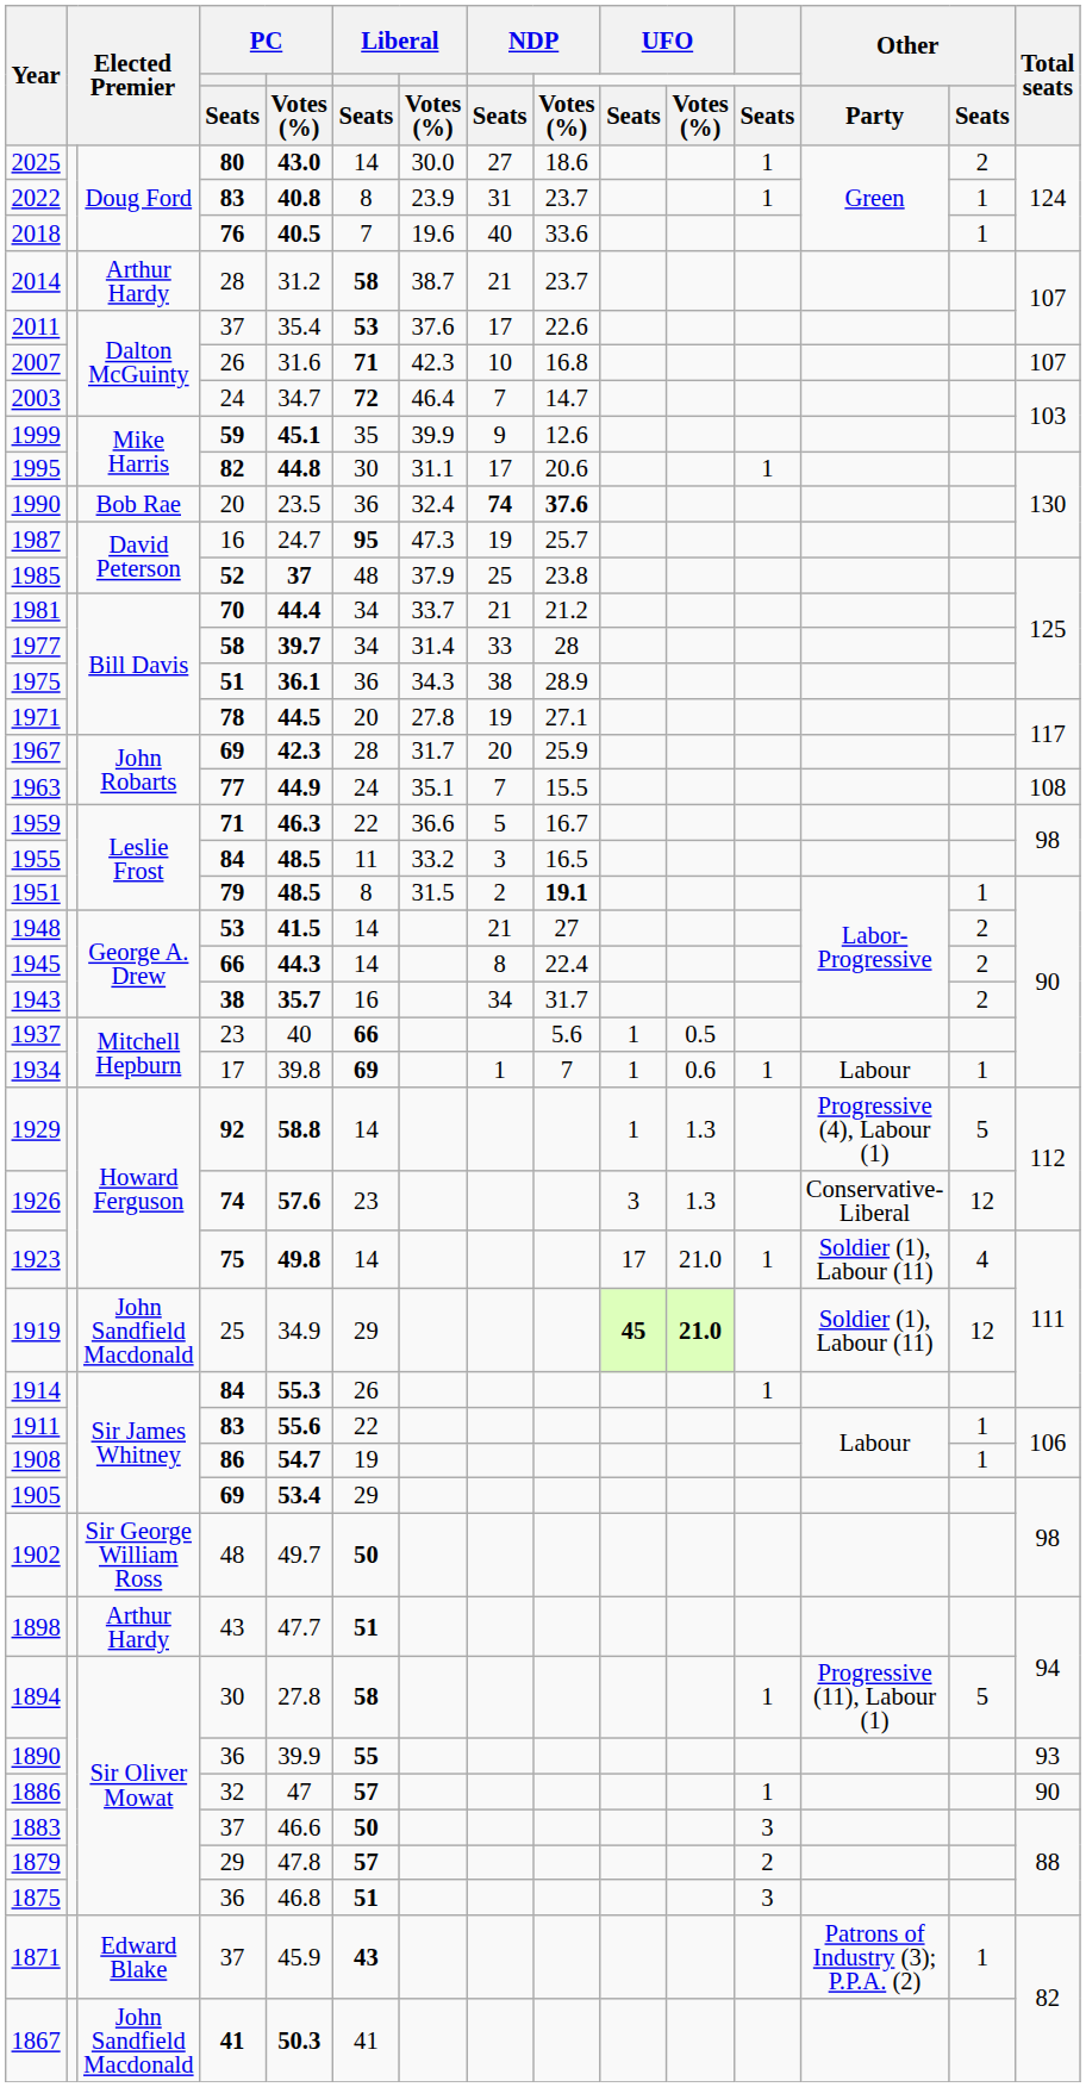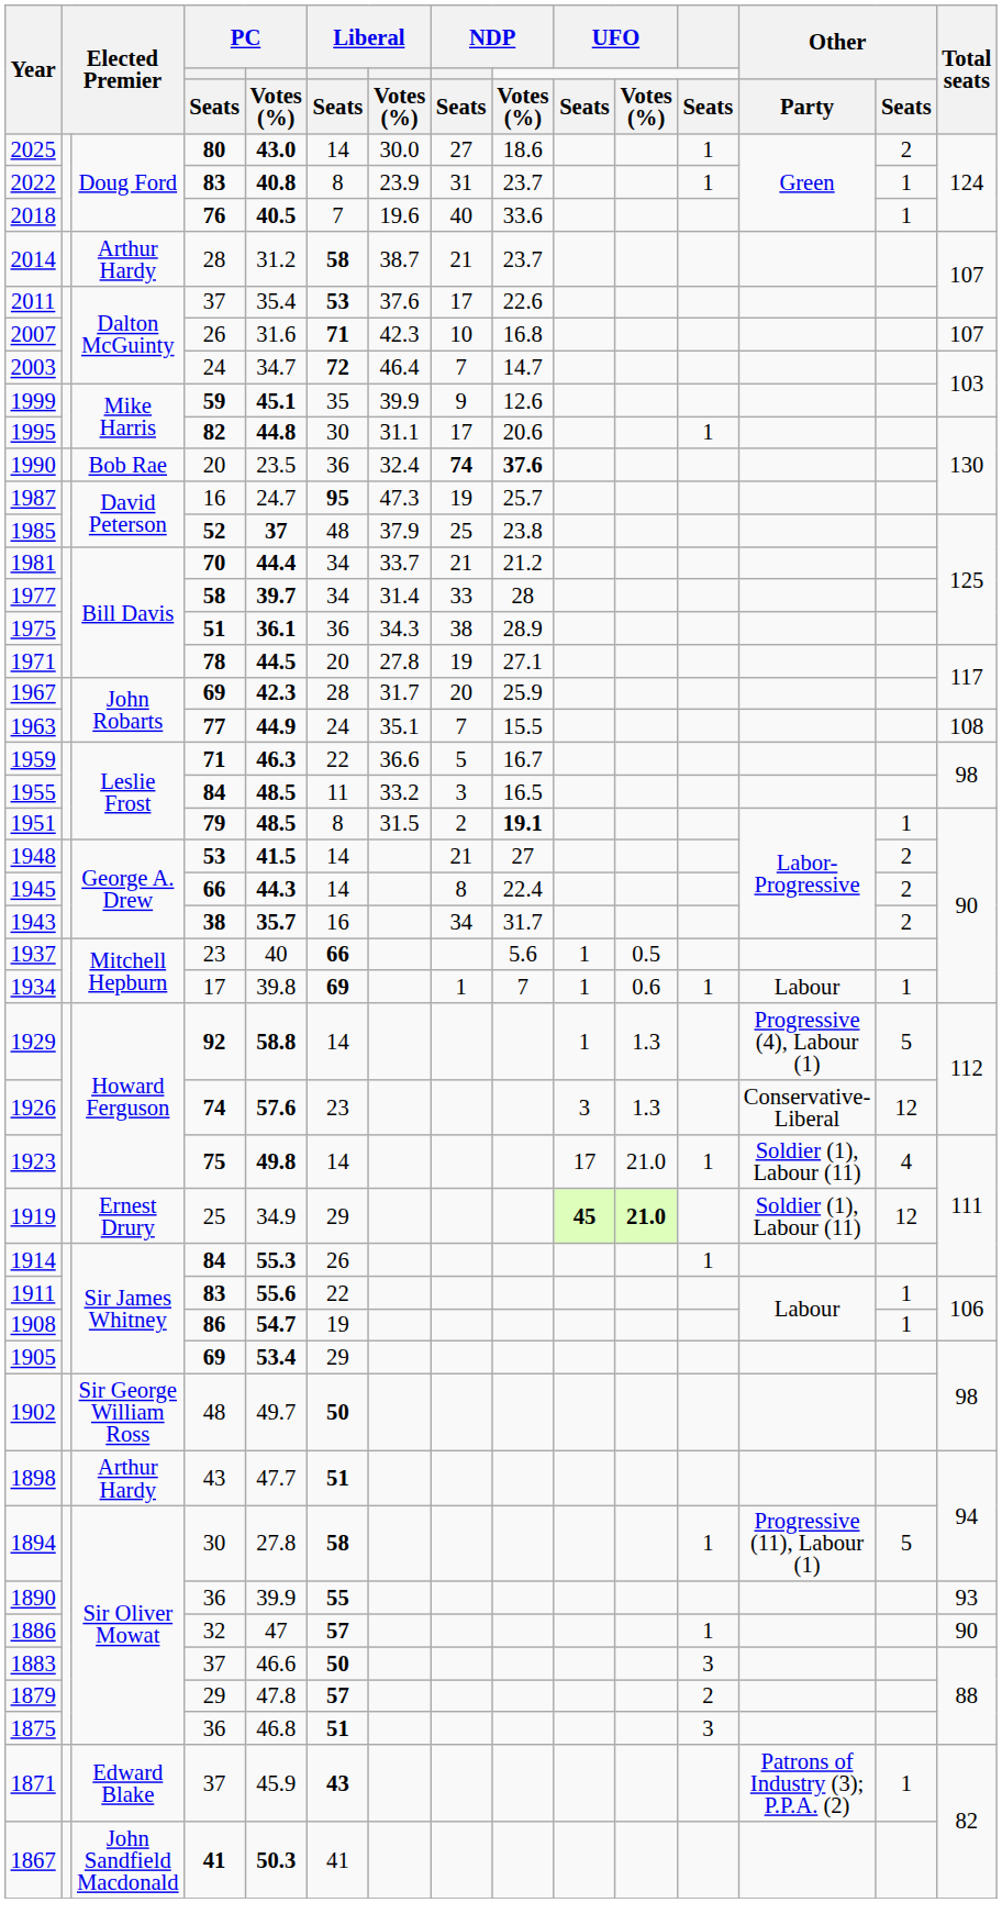 <table class="wikitable sortable" style="text-align:center;font-size:90%;line-height:14px;">
 <tr style="height:40px;">
 <th rowspan="3">Year</th>
 <th rowspan="3" colspan="2">Elected Premier</th>
 <th style="width:50px;" class="unsortable" colspan="2"><a href='#'>PC</a></th>
 <th style="width:50px;" class="unsortable" colspan="2"><a href='#'>Liberal</a></th>
 <th style="width:50px;" class="unsortable" colspan="2"><a href='#'>NDP</a></th>
 <th style="width:50px;" class="unsortable" colspan="2"><a href='#'>UFO</a></th>
 <th style="width:50px;" class="unsortable"></th>
 <th class="unsortable" rowspan="2" colspan="2">Other</th>
 <th rowspan="3">Total seats</th>
 </tr>
 <tr>
 <th style="background:"></th>
 <th style="background:"></th>
 <th style="background:"></th>
 <th style="background:"></th>
 <th style="background:"></th>
 </tr>
 <tr>
 <th>Seats</th>
 <th>Votes (%)</th>
 <th>Seats</th>
 <th>Votes (%)</th>
 <th>Seats</th>
 <th>Votes (%)</th>
 <th>Seats</th>
 <th>Votes (%)</th>
 <th>Seats</th>
 <th>Party</th>
 <th>Seats</th>
 </tr>
 <tr>
 <td><a href='#'>2025</a></td>
 <td rowspan=3></td>
 <td rowspan=3><a href='#'>Doug Ford</a></td>
 <td><strong>80</strong></td>
 <td><strong>43.0</strong></td>
 <td>14</td>
 <td>30.0</td>
 <td>27</td>
 <td>18.6</td>
 <td></td>
 <td></td>
 <td>1</td>
 <td rowspan="3"><a href='#'>Green</a></td>
 <td>2</td>
 <td rowspan="3">124</td>
 </tr>
 <tr>
 <td><a href='#'>2022</a></td>
 <td><strong>83</strong></td>
 <td><strong>40.8</strong></td>
 <td>8</td>
 <td>23.9</td>
 <td>31</td>
 <td>23.7</td>
 <td></td>
 <td></td>
 <td>1</td>
 <td>1</td>
 </tr>
 <tr>
 <td><a href='#'>2018</a></td>
 <td><strong>76</strong></td>
 <td><strong>40.5</strong></td>
 <td>7</td>
 <td>19.6</td>
 <td>40</td>
 <td>33.6</td>
 <td></td>
 <td></td>
 <td></td>
 <td>1</td>
 </tr>
 <tr>
 <td><a href='#'>2014</a></td>
 <td></td>
 <td><a href='#'>Arthur Hardy</a></td>
 <td>28</td>
 <td>31.2</td>
 <td><strong>58</strong></td>
 <td>38.7</td>
 <td>21</td>
 <td>23.7</td>
 <td></td>
 <td></td>
 <td></td>
 <td></td>
 <td></td>
 <td rowspan="2">107</td>
 </tr>
 <tr>
 <td><a href='#'>2011</a></td>
 <td rowspan=3></td>
 <td rowspan=3><a href='#'>Dalton McGuinty</a></td>
 <td>37</td>
 <td>35.4</td>
 <td><strong>53</strong></td>
 <td>37.6</td>
 <td>17</td>
 <td>22.6</td>
 <td></td>
 <td></td>
 <td></td>
 <td></td>
 <td></td>
 </tr>
 <tr>
 <td><a href='#'>2007</a></td>
 <td>26</td>
 <td>31.6</td>
 <td><strong>71</strong></td>
 <td>42.3</td>
 <td>10</td>
 <td>16.8</td>
 <td></td>
 <td></td>
 <td></td>
 <td></td>
 <td></td>
 <td>107</td>
 </tr>
 <tr>
 <td><a href='#'>2003</a></td>
 <td>24</td>
 <td>34.7</td>
 <td><strong>72</strong></td>
 <td>46.4</td>
 <td>7</td>
 <td>14.7</td>
 <td></td>
 <td></td>
 <td></td>
 <td></td>
 <td></td>
 <td rowspan="2">103</td>
 </tr>
 <tr>
 <td><a href='#'>1999</a></td>
 <td rowspan=2></td>
 <td rowspan=2><a href='#'>Mike Harris</a></td>
 <td><strong>59</strong></td>
 <td><strong>45.1</strong></td>
 <td>35</td>
 <td>39.9</td>
 <td>9</td>
 <td>12.6</td>
 <td></td>
 <td></td>
 <td></td>
 <td></td>
 <td></td>
 </tr>
 <tr>
 <td><a href='#'>1995</a></td>
 <td><strong>82</strong></td>
 <td><strong>44.8</strong></td>
 <td>30</td>
 <td>31.1</td>
 <td>17</td>
 <td>20.6</td>
 <td></td>
 <td></td>
 <td>1</td>
 <td></td>
 <td></td>
 <td rowspan="3">130</td>
 </tr>
 <tr>
 <td><a href='#'>1990</a></td>
 <td></td>
 <td><a href='#'>Bob Rae</a></td>
 <td>20</td>
 <td>23.5</td>
 <td>36</td>
 <td>32.4</td>
 <td><strong>74</strong></td>
 <td><strong>37.6</strong></td>
 <td></td>
 <td></td>
 <td></td>
 <td></td>
 <td></td>
 </tr>
 <tr>
 <td><a href='#'>1987</a></td>
 <td rowspan=2></td>
 <td rowspan=2><a href='#'>David Peterson</a></td>
 <td>16</td>
 <td>24.7</td>
 <td><strong>95</strong></td>
 <td>47.3</td>
 <td>19</td>
 <td>25.7</td>
 <td></td>
 <td></td>
 <td></td>
 <td></td>
 <td></td>
 </tr>
 <tr>
 <td><a href='#'>1985</a></td>
 <td><strong>52</strong></td>
 <td><strong>37</strong></td>
 <td>48</td>
 <td>37.9</td>
 <td>25</td>
 <td>23.8</td>
 <td></td>
 <td></td>
 <td></td>
 <td></td>
 <td></td>
 <td rowspan="4">125</td>
 </tr>
 <tr>
 <td><a href='#'>1981</a></td>
 <td rowspan=4></td>
 <td rowspan=4><a href='#'>Bill Davis</a></td>
 <td><strong>70</strong></td>
 <td><strong>44.4</strong></td>
 <td>34</td>
 <td>33.7</td>
 <td>21</td>
 <td>21.2</td>
 <td></td>
 <td></td>
 <td></td>
 <td></td>
 <td></td>
 </tr>
 <tr>
 <td><a href='#'>1977</a></td>
 <td><strong>58</strong></td>
 <td><strong>39.7</strong></td>
 <td>34</td>
 <td>31.4</td>
 <td>33</td>
 <td>28</td>
 <td></td>
 <td></td>
 <td></td>
 <td></td>
 <td></td>
 </tr>
 <tr>
 <td><a href='#'>1975</a></td>
 <td><strong>51</strong></td>
 <td><strong>36.1</strong></td>
 <td>36</td>
 <td>34.3</td>
 <td>38</td>
 <td>28.9</td>
 <td></td>
 <td></td>
 <td></td>
 <td></td>
 <td></td>
 </tr>
 <tr>
 <td><a href='#'>1971</a></td>
 <td><strong>78</strong></td>
 <td><strong>44.5</strong></td>
 <td>20</td>
 <td>27.8</td>
 <td>19</td>
 <td>27.1</td>
 <td></td>
 <td></td>
 <td></td>
 <td></td>
 <td></td>
 <td rowspan="2">117</td>
 </tr>
 <tr>
 <td><a href='#'>1967</a></td>
 <td rowspan=2></td>
 <td rowspan=2><a href='#'>John Robarts</a></td>
 <td><strong>69</strong></td>
 <td><strong>42.3</strong></td>
 <td>28</td>
 <td>31.7</td>
 <td>20</td>
 <td>25.9</td>
 <td></td>
 <td></td>
 <td></td>
 <td></td>
 <td></td>
 </tr>
 <tr>
 <td><a href='#'>1963</a></td>
 <td><strong>77</strong></td>
 <td><strong>44.9</strong></td>
 <td>24</td>
 <td>35.1</td>
 <td>7</td>
 <td>15.5</td>
 <td></td>
 <td></td>
 <td></td>
 <td></td>
 <td></td>
 <td>108</td>
 </tr>
 <tr>
 <td><a href='#'>1959</a></td>
 <td rowspan=3></td>
 <td rowspan=3><a href='#'>Leslie Frost</a></td>
 <td><strong>71</strong></td>
 <td><strong>46.3</strong></td>
 <td>22</td>
 <td>36.6</td>
 <td>5</td>
 <td>16.7</td>
 <td></td>
 <td></td>
 <td></td>
 <td></td>
 <td></td>
 <td rowspan="2">98</td>
 </tr>
 <tr>
 <td><a href='#'>1955</a></td>
 <td><strong>84</strong></td>
 <td><strong>48.5</strong></td>
 <td>11</td>
 <td>33.2</td>
 <td>3</td>
 <td>16.5</td>
 <td></td>
 <td></td>
 <td></td>
 <td></td>
 <td></td>
 </tr>
 <tr>
 <td><a href='#'>1951</a></td>
 <td><strong>79</strong></td>
 <td><strong>48.5</strong></td>
 <td>8</td>
 <td>31.5</td>
 <td>2</td>
 <td><strong>19.1</strong></td>
 <td></td>
 <td></td>
 <td></td>
 <td rowspan="4"><a href='#'>Labor-Progressive</a></td>
 <td>1</td>
 <td rowspan="6">90</td>
 </tr>
 <tr>
 <td><a href='#'>1948</a></td>
 <td rowspan=3></td>
 <td rowspan=3><a href='#'>George A. Drew</a></td>
 <td><strong>53</strong></td>
 <td><strong>41.5</strong></td>
 <td>14</td>
 <td></td>
 <td>21</td>
 <td>27</td>
 <td></td>
 <td></td>
 <td></td>
 <td>2</td>
 </tr>
 <tr>
 <td><a href='#'>1945</a></td>
 <td><strong>66</strong></td>
 <td><strong>44.3</strong></td>
 <td>14</td>
 <td></td>
 <td>8</td>
 <td>22.4</td>
 <td></td>
 <td></td>
 <td></td>
 <td>2</td>
 </tr>
 <tr>
 <td><a href='#'>1943</a></td>
 <td><strong>38</strong></td>
 <td><strong>35.7</strong></td>
 <td>16</td>
 <td></td>
 <td>34</td>
 <td>31.7</td>
 <td></td>
 <td></td>
 <td></td>
 <td>2</td>
 </tr>
 <tr>
 <td><a href='#'>1937</a></td>
 <td rowspan=2></td>
 <td rowspan=2><a href='#'>Mitchell Hepburn</a></td>
 <td>23</td>
 <td>40</td>
 <td><strong>66</strong></td>
 <td></td>
 <td></td>
 <td>5.6</td>
 <td>1</td>
 <td>0.5</td>
 <td></td>
 <td></td>
 <td></td>
 </tr>
 <tr>
 <td><a href='#'>1934</a></td>
 <td>17</td>
 <td>39.8</td>
 <td><strong>69</strong></td>
 <td></td>
 <td>1</td>
 <td>7</td>
 <td>1</td>
 <td>0.6</td>
 <td>1</td>
 <td>Labour</td>
 <td>1</td>
 </tr>
 <tr>
 <td><a href='#'>1929</a></td>
 <td rowspan=3></td>
 <td rowspan=3><a href='#'>Howard Ferguson</a></td>
 <td><strong>92</strong></td>
 <td><strong>58.8</strong></td>
 <td>14</td>
 <td></td>
 <td></td>
 <td></td>
 <td>1</td>
 <td>1.3</td>
 <td></td>
 <td><a href='#'>Progressive</a> (4), Labour (1)</td>
 <td>5</td>
 <td rowspan="2">112</td>
 </tr>
 <tr>
 <td><a href='#'>1926</a></td>
 <td><strong>74</strong></td>
 <td><strong>57.6</strong></td>
 <td>23</td>
 <td></td>
 <td></td>
 <td></td>
 <td>3</td>
 <td>1.3</td>
 <td></td>
 <td>Conservative-Liberal</td>
 <td>12</td>
 </tr>
 <tr>
 <td><a href='#'>1923</a></td>
 <td><strong>75</strong></td>
 <td><strong>49.8</strong></td>
 <td>14</td>
 <td></td>
 <td></td>
 <td></td>
 <td>17</td>
 <td>21.0</td>
 <td>1</td>
 <td><a href='#'>Soldier</a> (1), Labour (11)</td>
 <td>4</td>
 <td rowspan="3">111</td>
 </tr>
 <tr>
 <td><a href='#'>1919</a></td>
 <td></td>
-<td><a href='#'>John Sandfield Macdonald</a></td>
+<td><a href='#'>Ernest Drury</a></td>
 <td>25</td>
 <td>34.9</td>
 <td>29</td>
 <td></td>
 <td></td>
 <td></td>
 <td style="background:#DFB;"><strong>45</strong></td>
 <td style="background:#DFB;"><strong>21.0</strong></td>
 <td></td>
 <td><a href='#'>Soldier</a> (1), Labour (11)</td>
 <td>12</td>
 </tr>
 <tr>
 <td><a href='#'>1914</a></td>
 <td rowspan=4></td>
 <td rowspan=4><a href='#'>Sir James Whitney</a></td>
 <td><strong>84</strong></td>
 <td><strong>55.3</strong></td>
 <td>26</td>
 <td></td>
 <td></td>
 <td></td>
 <td></td>
 <td></td>
 <td>1</td>
 <td></td>
 <td></td>
 </tr>
 <tr>
 <td><a href='#'>1911</a></td>
 <td><strong>83</strong></td>
 <td><strong>55.6</strong></td>
 <td>22</td>
 <td></td>
 <td></td>
 <td></td>
 <td></td>
 <td></td>
 <td></td>
 <td rowspan="2">Labour</td>
 <td>1</td>
 <td rowspan="2">106</td>
 </tr>
 <tr>
 <td><a href='#'>1908</a></td>
 <td><strong>86</strong></td>
 <td><strong>54.7</strong></td>
 <td>19</td>
 <td></td>
 <td></td>
 <td></td>
 <td></td>
 <td></td>
 <td></td>
 <td>1</td>
 </tr>
 <tr>
 <td><a href='#'>1905</a></td>
 <td><strong>69</strong></td>
 <td><strong>53.4</strong></td>
 <td>29</td>
 <td></td>
 <td></td>
 <td></td>
 <td></td>
 <td></td>
 <td></td>
 <td></td>
 <td></td>
 <td rowspan="2">98</td>
 </tr>
 <tr>
 <td><a href='#'>1902</a></td>
 <td></td>
 <td><a href='#'>Sir George William Ross</a></td>
 <td>48</td>
 <td>49.7</td>
 <td><strong>50</strong></td>
 <td></td>
 <td></td>
 <td></td>
 <td></td>
 <td></td>
 <td></td>
 <td></td>
 <td></td>
 </tr>
 <tr>
 <td><a href='#'>1898</a></td>
 <td></td>
 <td><a href='#'>Arthur Hardy</a></td>
 <td>43</td>
 <td>47.7</td>
 <td><strong>51</strong></td>
 <td></td>
 <td></td>
 <td></td>
 <td></td>
 <td></td>
 <td></td>
 <td></td>
 <td></td>
 <td rowspan="2">94</td>
 </tr>
 <tr>
 <td><a href='#'>1894</a></td>
 <td rowspan=6></td>
 <td rowspan=6><a href='#'>Sir Oliver Mowat</a></td>
 <td>30</td>
 <td>27.8</td>
 <td><strong>58</strong></td>
 <td></td>
 <td></td>
 <td></td>
 <td></td>
 <td></td>
 <td>1</td>
 <td><a href='#'>Progressive</a> (11), Labour (1)</td>
 <td>5</td>
 </tr>
 <tr>
 <td><a href='#'>1890</a></td>
 <td>36</td>
 <td>39.9</td>
 <td><strong>55</strong></td>
 <td></td>
 <td></td>
 <td></td>
 <td></td>
 <td></td>
 <td></td>
 <td></td>
 <td></td>
 <td>93</td>
 </tr>
 <tr>
 <td><a href='#'>1886</a></td>
 <td>32</td>
 <td>47</td>
 <td><strong>57</strong></td>
 <td></td>
 <td></td>
 <td></td>
 <td></td>
 <td></td>
 <td>1</td>
 <td></td>
 <td></td>
 <td>90</td>
 </tr>
 <tr>
 <td><a href='#'>1883</a></td>
 <td>37</td>
 <td>46.6</td>
 <td><strong>50</strong></td>
 <td></td>
 <td></td>
 <td></td>
 <td></td>
 <td></td>
 <td>3</td>
 <td></td>
 <td></td>
 <td rowspan="3">88</td>
 </tr>
 <tr>
 <td><a href='#'>1879</a></td>
 <td>29</td>
 <td>47.8</td>
 <td><strong>57</strong></td>
 <td></td>
 <td></td>
 <td></td>
 <td></td>
 <td></td>
 <td>2</td>
 <td></td>
 <td></td>
 </tr>
 <tr>
 <td><a href='#'>1875</a></td>
 <td>36</td>
 <td>46.8</td>
 <td><strong>51</strong></td>
 <td></td>
 <td></td>
 <td></td>
 <td></td>
 <td></td>
 <td>3</td>
 <td></td>
 <td></td>
 </tr>
 <tr>
 <td><a href='#'>1871</a></td>
 <td></td>
 <td><a href='#'>Edward Blake</a></td>
 <td>37</td>
 <td>45.9</td>
 <td><strong>43</strong></td>
 <td></td>
 <td></td>
 <td></td>
 <td></td>
 <td></td>
 <td></td>
 <td><a href='#'>Patrons of Industry</a> (3); <a href='#'>P.P.A.</a> (2)</td>
 <td>1</td>
 <td rowspan="2">82</td>
 </tr>
 <tr>
 <td><a href='#'>1867</a></td>
 <td></td>
 <td><a href='#'>John Sandfield Macdonald</a></td>
 <td><strong>41</strong></td>
 <td><strong>50.3</strong></td>
 <td>41</td>
 <td></td>
 <td></td>
 <td></td>
 <td></td>
 <td></td>
 <td></td>
 <td></td>
 <td></td>
 </tr>
 </table>
